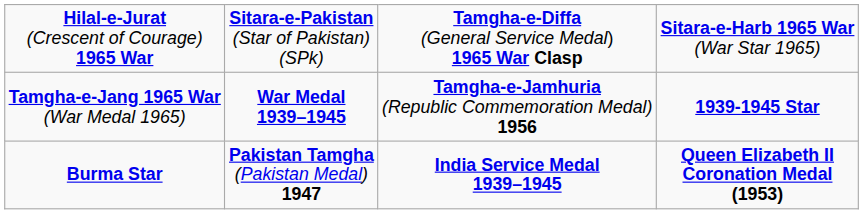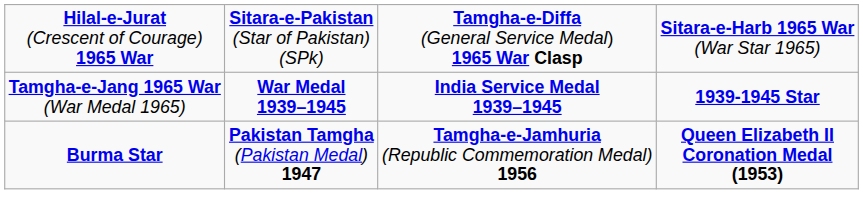 <table class="wikitable" style="margin:1em auto; text-align:center;">
 <tr>
 <td><strong><a href='#'>Hilal-e-Jurat</a></strong><br><em>(Crescent of Courage)</em><br><strong><a href='#'>1965 War</a></strong></td>
 <td><strong><a href='#'>Sitara-e-Pakistan</a></strong><br><em>(Star of Pakistan)</em><br><em>(SPk)</em></td>
 <td><strong><a href='#'>Tamgha-e-Diffa</a></strong><br><em>(General Service Medal</em>)<br><strong><a href='#'>1965 War</a> Clasp</strong></td>
 <td><strong><a href='#'>Sitara-e-Harb 1965 War</a></strong><br><em>(War Star 1965)</em></td>
 </tr>
 <tr>
 <td><strong><a href='#'>Tamgha-e-Jang 1965 War</a></strong><br><em>(War Medal 1965)</em></td>
 <td><strong><a href='#'>War Medal</a></strong><br><strong><a href='#'>1939–1945</a></strong></td>
-<td><strong><a href='#'>Tamgha-e-Jamhuria</a></strong><br><em>(Republic Commemoration Medal)</em><br><strong>1956</strong></td>
+<td><strong><a href='#'>India Service Medal</a></strong><br><a href='#'><strong>1939–1945</strong></a></td>
 <td><strong><a href='#'>1939-1945 Star</a></strong></td>
 </tr>
 <tr>
 <td><strong><a href='#'>Burma Star</a></strong></td>
 <td><strong><a href='#'>Pakistan Tamgha</a></strong><br><em>(<a href='#'>Pakistan Medal</a>)</em><br><strong>1947</strong></td>
-<td><strong><a href='#'>India Service Medal</a></strong><br><a href='#'><strong>1939–1945</strong></a></td>
+<td><strong><a href='#'>Tamgha-e-Jamhuria</a></strong><br><em>(Republic Commemoration Medal)</em><br><strong>1956</strong></td>
 <td><strong><a href='#'>Queen Elizabeth II</a></strong><br><strong><a href='#'>Coronation Medal</a></strong><br><strong>(1953)</strong></td>
 </tr>
 </table>
